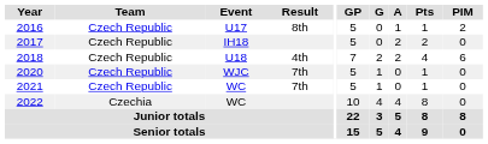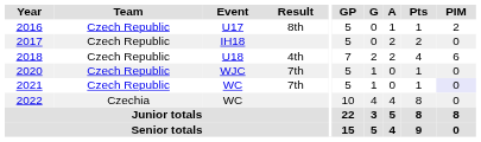 <table border="0" cellpadding="1" cellspacing="0" ID="Table3" style="text-align:center; width:40em;">
 <tr bgcolor="#e0e0e0">
 <th>Year</th>
 <th>Team</th>
 <th>Event</th>
 <th>Result</th>
 <th rowspan="99" bgcolor="#ffffff"></th>
 <th>GP</th>
 <th>G</th>
 <th>A</th>
 <th>Pts</th>
 <th>PIM</th>
 </tr>
 <tr>
 <td><a href='#'>2016</a></td>
 <td><a href='#'>Czech Republic</a></td>
 <td><a href='#'>U17</a></td>
 <td>8th</td>
 <td>5</td>
 <td>0</td>
 <td>1</td>
 <td>1</td>
 <td>2</td>
 </tr>
 <tr bgcolor="#f0f0f0">
 <td><a href='#'>2017</a></td>
 <td>Czech Republic</td>
 <td><a href='#'>IH18</a></td>
 <td></td>
 <td>5</td>
 <td>0</td>
 <td>2</td>
 <td>2</td>
 <td>0</td>
 </tr>
 <tr>
 <td><a href='#'>2018</a></td>
 <td>Czech Republic</td>
 <td><a href='#'>U18</a></td>
 <td>4th</td>
 <td>7</td>
 <td>2</td>
 <td>2</td>
 <td>4</td>
 <td>6</td>
 </tr>
 <tr bgcolor="#f0f0f0">
 <td><a href='#'>2020</a></td>
 <td><a href='#'>Czech Republic</a></td>
 <td><a href='#'>WJC</a></td>
 <td>7th</td>
 <td>5</td>
 <td>1</td>
 <td>0</td>
 <td>1</td>
 <td>0</td>
 </tr>
 <tr>
 <td><a href='#'>2021</a></td>
 <td><a href='#'>Czech Republic</a></td>
 <td><a href='#'>WC</a></td>
 <td>7th</td>
 <td>5</td>
 <td>1</td>
 <td>0</td>
 <td>1</td>
-<td>0</td>
+<td style="background: lavender;">0</td>
 </tr>
 <tr bgcolor="#f0f0f0">
 <td><a href='#'>2022</a></td>
 <td>Czechia</td>
 <td>WC</td>
 <td></td>
 <td>10</td>
 <td>4</td>
 <td>4</td>
 <td>8</td>
 <td>0</td>
 </tr>
 <tr bgcolor="#e0e0e0">
 <th colspan="4">Junior totals</th>
 <th>22</th>
 <th>3</th>
 <th>5</th>
 <th>8</th>
 <th>8</th>
 </tr>
 <tr bgcolor="#e0e0e0">
 <th colspan="4">Senior totals</th>
 <th>15</th>
 <th>5</th>
 <th>4</th>
 <th>9</th>
 <th>0</th>
 </tr>
 </table>
